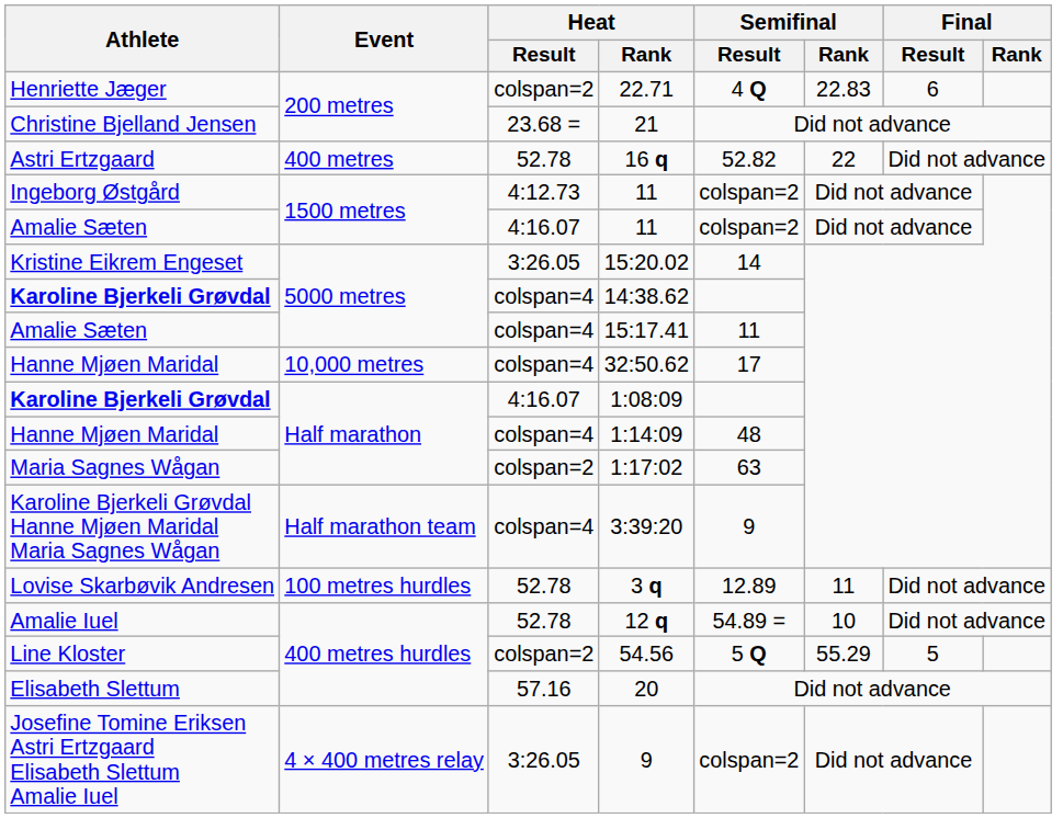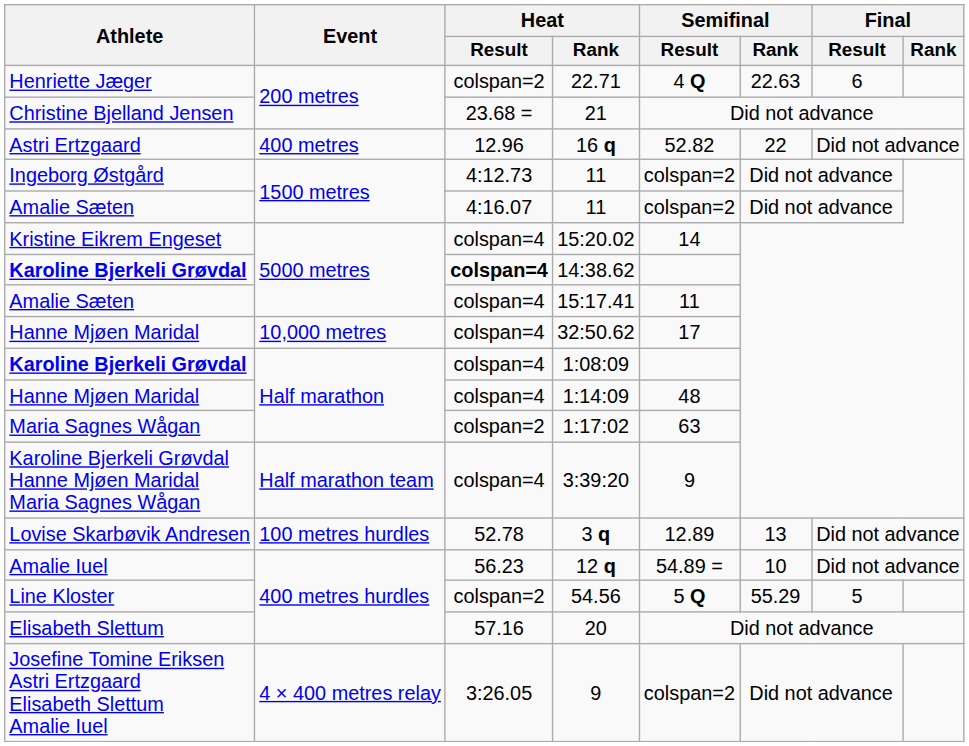 <table class=wikitable style=font-size:90%>
 <tr>
 <th rowspan=2>Athlete</th>
 <th rowspan=2>Event</th>
 <th colspan=2>Heat</th>
 <th colspan=2>Semifinal</th>
 <th colspan=2>Final</th>
 </tr>
 <tr style=font-size:95%>
 <th>Result</th>
 <th>Rank</th>
 <th>Result</th>
 <th>Rank</th>
 <th>Result</th>
 <th>Rank</th>
 </tr>
 <tr align=center>
 <td align=left><a href='#'>Henriette Jæger</a></td>
 <td align=left rowspan=2><a href='#'>200 metres</a></td>
 <td>colspan=2</td>
 <td>22.71</td>
 <td>4 <strong>Q</strong></td>
-<td>22.83</td>
+<td>22.63</td>
 <td>6</td>
 </tr>
 <tr align=center>
 <td align=left><a href='#'>Christine Bjelland Jensen</a></td>
 <td>23.68 =</td>
 <td>21</td>
 <td colspan=4>Did not advance</td>
 </tr>
 <tr align=center>
 <td align=left><a href='#'>Astri Ertzgaard</a></td>
 <td align=left><a href='#'>400 metres</a></td>
-<td>52.78</td>
+<td>12.96 </td>
 <td>16 <strong>q</strong></td>
 <td>52.82</td>
 <td>22</td>
 <td colspan=2>Did not advance</td>
 </tr>
 <tr align=center>
 <td align=left><a href='#'>Ingeborg Østgård</a></td>
 <td align=left rowspan=2><a href='#'>1500 metres</a></td>
 <td>4:12.73</td>
 <td>11</td>
 <td>colspan=2</td>
 <td colspan=2>Did not advance</td>
 </tr>
 <tr align=center>
 <td align=left><a href='#'>Amalie Sæten</a></td>
 <td>4:16.07</td>
 <td>11</td>
 <td>colspan=2</td>
 <td colspan=2>Did not advance</td>
 </tr>
 <tr align=center>
 <td align=left><a href='#'>Kristine Eikrem Engeset</a></td>
 <td align=left rowspan=3><a href='#'>5000 metres</a></td>
-<td>3:26.05 </td>
+<td>colspan=4</td>
 <td>15:20.02 </td>
 <td>14</td>
 </tr>
 <tr align=center>
 <td align=left><strong><a href='#'>Karoline Bjerkeli Grøvdal</a></strong></td>
-<td>colspan=4</td>
+<td><strong>colspan=4</strong></td>
 <td>14:38.62 </td>
 <td></td>
 </tr>
 <tr align=center>
 <td align=left><a href='#'>Amalie Sæten</a></td>
 <td>colspan=4</td>
 <td>15:17.41 </td>
 <td>11</td>
 </tr>
 <tr align=center>
 <td align=left><a href='#'>Hanne Mjøen Maridal</a></td>
 <td align=left><a href='#'>10,000 metres</a></td>
 <td>colspan=4</td>
 <td>32:50.62 </td>
 <td>17</td>
 </tr>
 <tr align=center>
 <td align=left><strong><a href='#'>Karoline Bjerkeli Grøvdal</a></strong></td>
 <td align=left rowspan=3><a href='#'>Half marathon</a></td>
-<td>4:16.07</td>
+<td>colspan=4</td>
 <td>1:08:09 </td>
 <td></td>
 </tr>
 <tr align=center>
 <td align=left><a href='#'>Hanne Mjøen Maridal</a></td>
 <td>colspan=4</td>
 <td>1:14:09 </td>
 <td>48</td>
 </tr>
 <tr align=center>
 <td align=left><a href='#'>Maria Sagnes Wågan</a></td>
 <td>colspan=2</td>
 <td>1:17:02</td>
 <td>63</td>
 </tr>
 <tr align=center>
 <td align=left><a href='#'>Karoline Bjerkeli Grøvdal</a><br><a href='#'>Hanne Mjøen Maridal</a><br><a href='#'>Maria Sagnes Wågan</a></td>
 <td align=left><a href='#'>Half marathon team</a></td>
 <td>colspan=4</td>
 <td>3:39:20</td>
 <td>9</td>
 </tr>
 <tr align=center>
 <td align=left><a href='#'>Lovise Skarbøvik Andresen</a></td>
 <td align=left><a href='#'>100 metres hurdles</a></td>
 <td>52.78</td>
 <td>3 <strong>q</strong></td>
 <td>12.89 </td>
-<td>11</td>
+<td>13</td>
 <td colspan=2>Did not advance</td>
 </tr>
 <tr align=center>
 <td align=left><a href='#'>Amalie Iuel</a></td>
 <td align=left rowspan=3><a href='#'>400 metres hurdles</a></td>
-<td>52.78</td>
+<td>56.23</td>
 <td>12 <strong>q</strong></td>
 <td>54.89 =</td>
 <td>10</td>
 <td colspan=2>Did not advance</td>
 </tr>
 <tr align=center>
 <td align=left><a href='#'>Line Kloster</a></td>
 <td>colspan=2</td>
 <td>54.56 </td>
 <td>5 <strong>Q</strong></td>
 <td>55.29</td>
 <td>5</td>
 </tr>
 <tr align=center>
 <td align=left><a href='#'>Elisabeth Slettum</a></td>
 <td>57.16 </td>
 <td>20</td>
 <td colspan=4>Did not advance</td>
 </tr>
 <tr align=center>
 <td align=left><a href='#'>Josefine Tomine Eriksen</a><br><a href='#'>Astri Ertzgaard</a><br><a href='#'>Elisabeth Slettum</a><br><a href='#'>Amalie Iuel</a></td>
 <td align=left><a href='#'>4 × 400 metres relay</a></td>
 <td>3:26.05 </td>
 <td>9</td>
 <td>colspan=2</td>
 <td colspan=2>Did not advance</td>
 </tr>
 </table>
